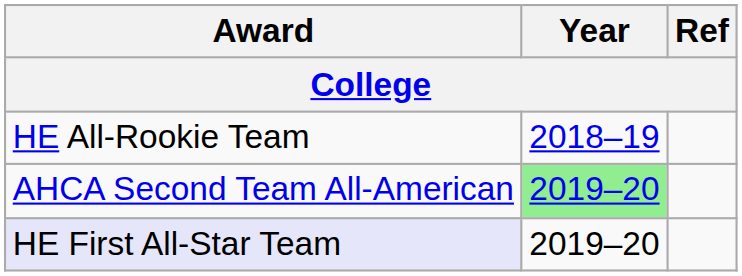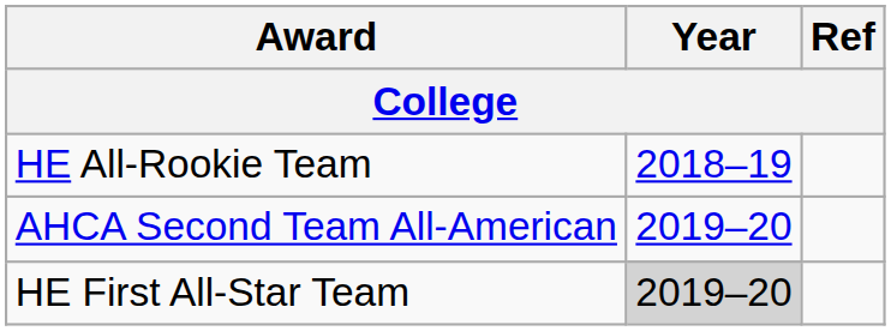 <table class="wikitable">
 <tr>
 <th>Award</th>
 <th>Year</th>
 <th>Ref</th>
 </tr>
 <tr>
 <th colspan="3"><a href='#'>College</a></th>
 </tr>
 <tr>
 <td><a href='#'>HE</a> All-Rookie Team</td>
 <td><a href='#'>2018–19</a></td>
 <td></td>
 </tr>
 <tr>
 <td><a href='#'>AHCA Second Team All-American</a></td>
-<td style="background: lightgreen;"><a href='#'>2019–20</a></td>
+<td><a href='#'>2019–20</a></td>
 <td></td>
 </tr>
 <tr>
-<td style="background: lavender;">HE First All-Star Team</td>
-<td>2019–20</td>
+<td>HE First All-Star Team</td>
+<td style="background: lightgrey;">2019–20</td>
 <td></td>
 </tr>
 </table>
